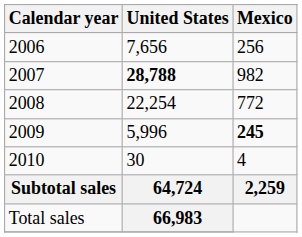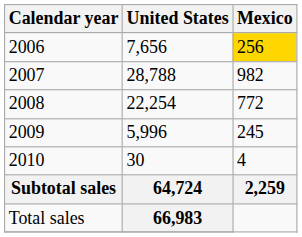 <table class="wikitable">
 <tr>
 <th>Calendar year</th>
 <th>United States</th>
 <th>Mexico</th>
 </tr>
 <tr>
 <td>2006</td>
 <td>7,656</td>
-<td>256</td>
+<td style="background: gold;">256</td>
 </tr>
 <tr>
 <td>2007</td>
-<td><strong>28,788</strong></td>
+<td>28,788</td>
 <td>982</td>
 </tr>
 <tr>
 <td>2008</td>
 <td>22,254</td>
 <td>772</td>
 </tr>
 <tr>
 <td>2009</td>
 <td>5,996</td>
-<td><strong>245</strong></td>
+<td>245</td>
 </tr>
 <tr>
 <td>2010</td>
 <td>30</td>
 <td>4</td>
 </tr>
 <tr>
 <th>Subtotal sales</th>
 <th>64,724</th>
 <th>2,259</th>
 </tr>
 <tr>
 <td>Total sales</td>
 <th>66,983</th>
 </tr>
 <tr>
 </tr>
 </table>
